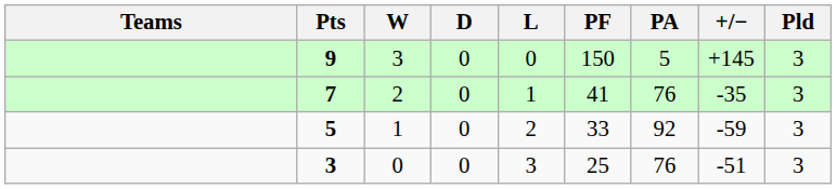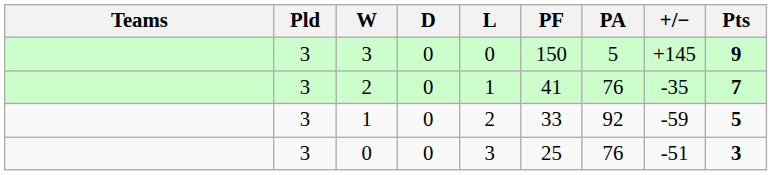 <table class="wikitable" style="text-align: center;">
 <tr>
 <th width="200">Teams</th>
-<th width="40">Pts</th>
+<th width="40">Pld</th>
 <th width="40">W</th>
 <th width="40">D</th>
 <th width="40">L</th>
 <th width="40">PF</th>
 <th width="40">PA</th>
 <th width="40">+/−</th>
-<th width="40">Pld</th>
+<th width="40">Pts</th>
 </tr>
 <tr style=background:#cfc>
 <td align=left></td>
-<td><strong>9</strong></td>
+<td>3</td>
 <td>3</td>
 <td>0</td>
 <td>0</td>
 <td>150</td>
 <td>5</td>
 <td>+145</td>
-<td>3</td>
+<td><strong>9</strong></td>
 </tr>
 <tr style=background:#cfc>
 <td align=left></td>
-<td><strong>7</strong></td>
+<td>3</td>
 <td>2</td>
 <td>0</td>
 <td>1</td>
 <td>41</td>
 <td>76</td>
 <td>-35</td>
-<td>3</td>
+<td><strong>7</strong></td>
 </tr>
 <tr>
 <td align=left></td>
-<td><strong>5</strong></td>
+<td>3</td>
 <td>1</td>
 <td>0</td>
 <td>2</td>
 <td>33</td>
 <td>92</td>
 <td>-59</td>
-<td>3</td>
+<td><strong>5</strong></td>
 </tr>
 <tr>
 <td align=left></td>
-<td><strong>3</strong></td>
+<td>3</td>
 <td>0</td>
 <td>0</td>
 <td>3</td>
 <td>25</td>
 <td>76</td>
 <td>-51</td>
-<td>3</td>
+<td><strong>3</strong></td>
 </tr>
 </table>
